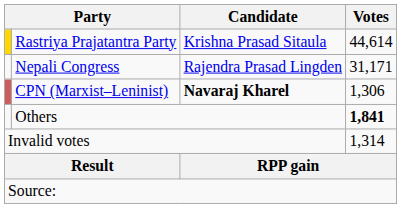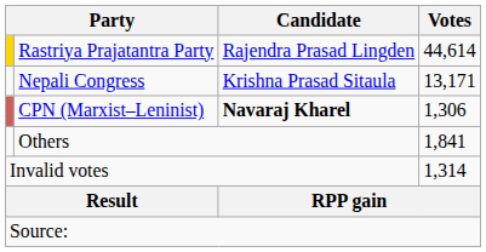 <table class="wikitable">
 <tr>
 <th colspan="2">Party</th>
 <th>Candidate</th>
 <th>Votes</th>
 </tr>
 <tr>
 <td style="background-color:gold"></td>
 <td><a href='#'>Rastriya Prajatantra Party</a></td>
-<td><a href='#'>Krishna Prasad Sitaula</a></td>
+<td><a href='#'>Rajendra Prasad Lingden</a></td>
 <td>44,614</td>
 </tr>
 <tr>
 <td style="background-color:"></td>
 <td><a href='#'>Nepali Congress</a></td>
-<td><a href='#'>Rajendra Prasad Lingden</a></td>
-<td>31,171</td>
+<td><a href='#'>Krishna Prasad Sitaula</a></td>
+<td>13,171</td>
 </tr>
 <tr>
 <td style="background-color:indianred"></td>
 <td><a href='#'>CPN (Marxist–Leninist)</a></td>
 <td><strong>Navaraj Kharel</strong></td>
 <td>1,306</td>
 </tr>
 <tr>
 <td></td>
 <td colspan="2">Others</td>
-<td><strong>1,841</strong></td>
+<td>1,841</td>
 </tr>
 <tr>
 <td colspan="3">Invalid votes</td>
 <td>1,314</td>
 </tr>
 <tr>
 <th colspan="2">Result</th>
 <th colspan="2">RPP gain</th>
 </tr>
 <tr>
 <td colspan="4">Source: </td>
 </tr>
 </table>
